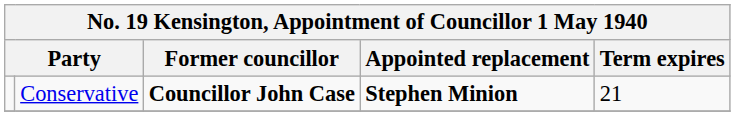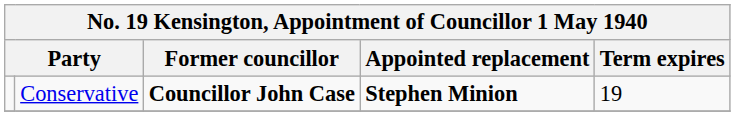 <table class="wikitable">
 <tr>
 <th colspan="5"><strong>No. 19 Kensington, Appointment of Councillor 1 May 1940</strong></th>
 </tr>
 <tr>
 <th colspan="2">Party</th>
 <th>Former councillor</th>
 <th>Appointed replacement</th>
 <th>Term expires</th>
 </tr>
 <tr>
 <td style="background-color:"></td>
 <td><a href='#'>Conservative</a></td>
 <td><strong>Councillor John Case</strong></td>
 <td><strong>Stephen Minion</strong></td>
-<td>21</td>
+<td>19</td>
 </tr>
 <tr>
 </tr>
 </table>
